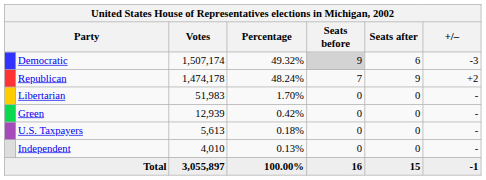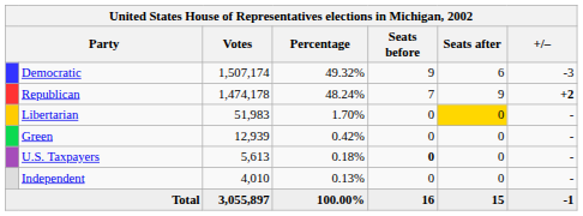 <table class="wikitable" style="font-size: 95%;">
 <tr>
 <th colspan="7">United States House of Representatives elections in Michigan, 2002</th>
 </tr>
 <tr>
 <th colspan=2 style="width: 15em">Party</th>
 <th style="width: 5em">Votes</th>
 <th style="width: 7em">Percentage</th>
 <th style="width: 5em">Seats before</th>
 <th style="width: 5em">Seats after</th>
 <th style="width: 5em">+/–</th>
 </tr>
 <tr>
 <th style="background-color:#3333FF; width: 3px"></th>
 <td style="width: 130px"><a href='#'>Democratic</a></td>
 <td align="right">1,507,174</td>
 <td align="right">49.32%</td>
-<td align="right" style="background: lightgrey;">9</td>
+<td align="right">9</td>
 <td align="right">6</td>
 <td align="right">-3</td>
 </tr>
 <tr>
 <th style="background-color:#FF3333; width: 3px"></th>
 <td style="width: 130px"><a href='#'>Republican</a></td>
 <td align="right">1,474,178</td>
 <td align="right">48.24%</td>
 <td align="right">7</td>
 <td align="right">9</td>
-<td align="right">+2</td>
+<td align="right"><strong>+2</strong></td>
 </tr>
 <tr>
 <th style="background-color:#FFCC00; width: 3px"></th>
 <td style="width: 130px"><a href='#'>Libertarian</a></td>
 <td align="right">51,983</td>
 <td align="right">1.70%</td>
 <td align="right">0</td>
-<td align="right">0</td>
+<td align="right" style="background: gold;">0</td>
 <td align="right">-</td>
 </tr>
 <tr>
 <th style="background-color:#0BDA51; width: 3px"></th>
 <td style="width: 130px"><a href='#'>Green</a></td>
 <td align="right">12,939</td>
 <td align="right">0.42%</td>
 <td align="right">0</td>
 <td align="right">0</td>
 <td align="right">-</td>
 </tr>
 <tr>
 <th style="background-color:#A54CBA; width: 3px"></th>
 <td style="width: 130px"><a href='#'>U.S. Taxpayers</a></td>
 <td align="right">5,613</td>
 <td align="right">0.18%</td>
-<td align="right">0</td>
+<td align="right"><strong>0</strong></td>
 <td align="right">0</td>
 <td align="right">-</td>
 </tr>
 <tr>
 <th style="background-color:#DDDDDD; width: 3px"></th>
 <td style="width: 130px"><a href='#'>Independent</a></td>
 <td align="right">4,010</td>
 <td align="right">0.13%</td>
 <td align="right">0</td>
 <td align="right">0</td>
 <td align="right">-</td>
 </tr>
 <tr bgcolor="#EEEEEE">
 <td colspan="2" align="right"><strong>Total</strong></td>
 <td align="right"><strong>3,055,897</strong></td>
 <td align="right"><strong>100.00%</strong></td>
 <td align="right"><strong>16</strong></td>
 <td align="right"><strong>15</strong></td>
 <td align="right"><strong>-1</strong></td>
 </tr>
 </table>
